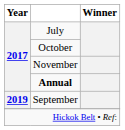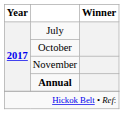 <table class="wikitable sortable plainrowheaders" style="font-size: 90%; style="text-align:center">
 <tr>
 <th scope="col" style="background-color:#ffffff; border-top:#">Year</th>
 <th scope="col" style="background-color:#ffffff; border-top:#"></th>
 <th scope="col" style="background-color:#ffffff; border-top:#">Winner</th>
 </tr>
 <tr>
 <th scope="row" style="text-align:center" rowspan="4"><a href='#'>2017</a></th>
 <td style="text-align:center">July</td>
 <th scope="row" style="text-align:center" rowspan="2"></th>
 </tr>
 <tr>
 <td style="text-align:center">October</td>
 </tr>
 <tr>
 <td style="text-align:center">November</td>
 <th scope="row" style="text-align:center"></th>
 </tr>
 <tr>
 <td style="text-align:center"><strong>Annual</strong></td>
 <th scope="row" style="text-align:center"><strong></strong></th>
 </tr>
 <tr>
-<th scope="row" style="text-align:center"><a href='#'>2019</a></th>
-<td style="text-align:center">September</td>
-<th scope="row" style="text-align:center"></th>
-</tr>
-<tr>
 </tr>
 <tr class="sortbottom">
 <td style="text-align:right"; colspan="3"><small><a href='#'>Hickok Belt</a> • <em>Ref</em>:</small></td>
 </tr>
 </table>
